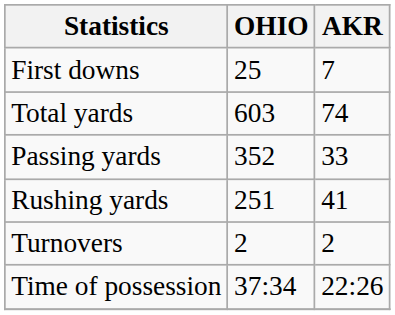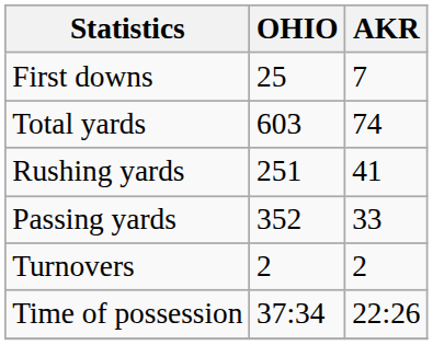 <table class="wikitable">
 <tr>
 <th>Statistics</th>
 <th>OHIO</th>
 <th>AKR</th>
 </tr>
 <tr>
 <td>First downs</td>
 <td>25</td>
 <td>7</td>
 </tr>
 <tr>
 <td>Total yards</td>
 <td>603</td>
 <td>74</td>
 </tr>
 <tr>
+<td>Rushing yards</td>
+<td>251</td>
+<td>41</td>
+</tr>
+<tr>
 <td>Passing yards</td>
 <td>352</td>
 <td>33</td>
-</tr>
-<tr>
-<td>Rushing yards</td>
-<td>251</td>
-<td>41</td>
 </tr>
 <tr>
 <td>Turnovers</td>
 <td>2</td>
 <td>2</td>
 </tr>
 <tr>
 <td>Time of possession</td>
 <td>37:34</td>
 <td>22:26</td>
 </tr>
 <tr>
 </tr>
 </table>
